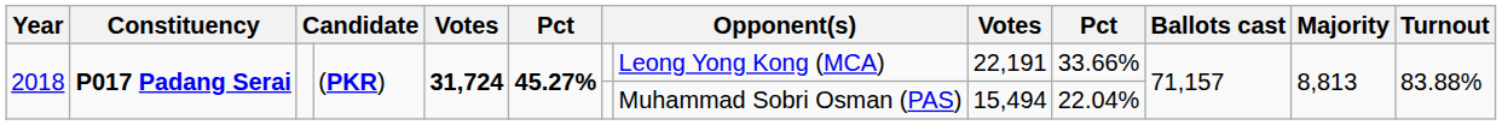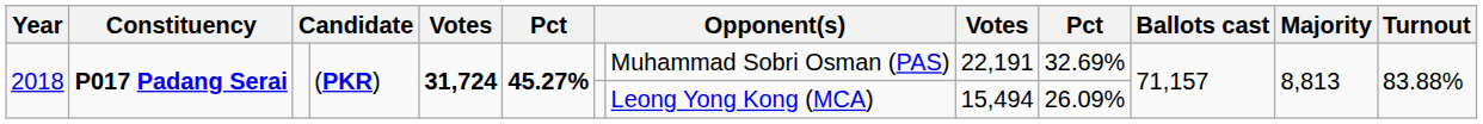 <table class="wikitable" style="margin:0.5em ; font-size:95%">
 <tr>
 <th>Year</th>
 <th>Constituency</th>
 <th colspan=2>Candidate</th>
 <th>Votes</th>
 <th>Pct</th>
 <th colspan=2>Opponent(s)</th>
 <th>Votes</th>
 <th>Pct</th>
 <th>Ballots cast</th>
 <th>Majority</th>
 <th>Turnout</th>
 </tr>
 <tr>
 <td rowspan=2><a href='#'>2018</a></td>
 <td rowspan=2><strong>P017 <a href='#'>Padang Serai</a></strong></td>
 <td rowspan=2 ></td>
 <td rowspan=2> (<a href='#'><strong>PKR</strong></a>)</td>
 <td rowspan=2 align=right><strong>31,724</strong></td>
 <td rowspan=2><strong>45.27%</strong></td>
 <td></td>
-<td><a href='#'>Leong Yong Kong</a> (<a href='#'>MCA</a>)</td>
+<td>Muhammad Sobri Osman (<a href='#'>PAS</a>)</td>
 <td align=right>22,191</td>
-<td>33.66%</td>
+<td>32.69%</td>
 <td rowspan=2>71,157</td>
 <td rowspan=2>8,813</td>
 <td rowspan=2>83.88%</td>
 </tr>
 <tr>
 <td></td>
-<td>Muhammad Sobri Osman (<a href='#'>PAS</a>)</td>
+<td><a href='#'>Leong Yong Kong</a> (<a href='#'>MCA</a>)</td>
 <td align=right>15,494</td>
-<td>22.04%</td>
+<td>26.09%</td>
 </tr>
 </table>
